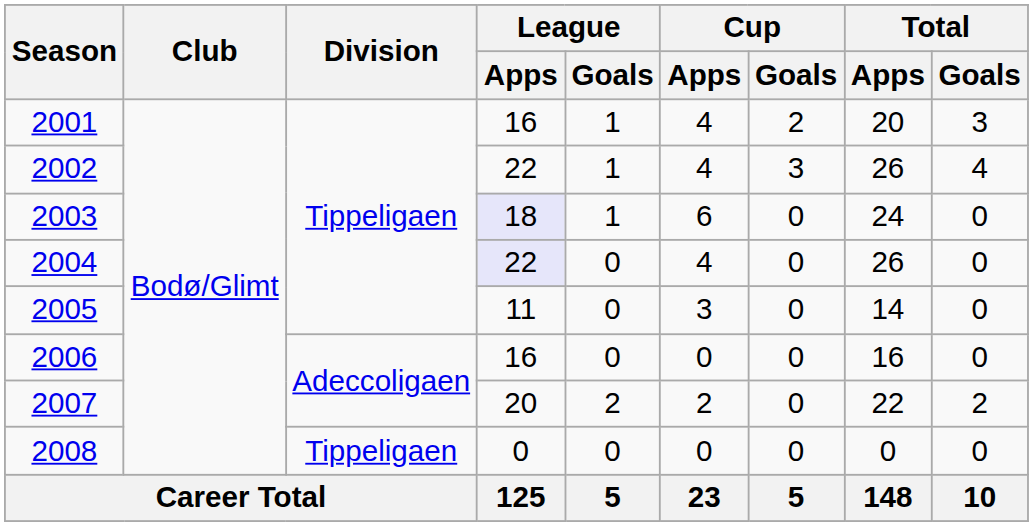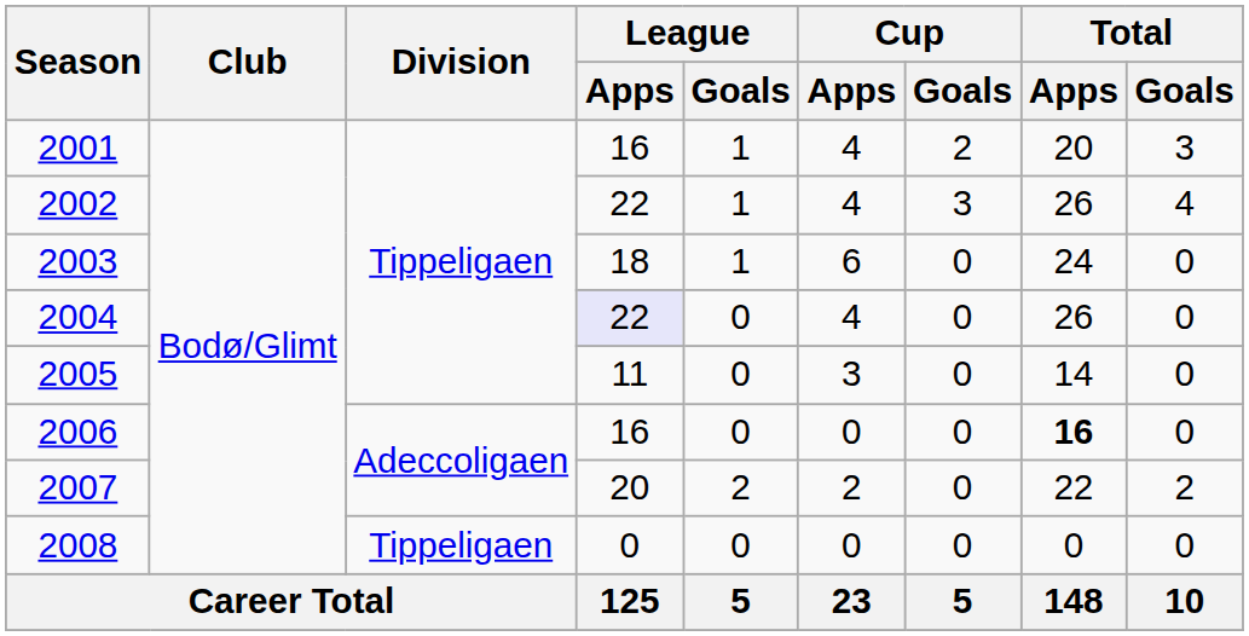 <table class="wikitable" style="text-align: center;">
 <tr>
 <th rowspan="2">Season</th>
 <th rowspan="2">Club</th>
 <th rowspan="2">Division</th>
 <th colspan="2">League</th>
 <th colspan="2">Cup</th>
 <th colspan="2">Total</th>
 </tr>
 <tr>
 <th>Apps</th>
 <th>Goals</th>
 <th>Apps</th>
 <th>Goals</th>
 <th>Apps</th>
 <th>Goals</th>
 </tr>
 <tr>
 <td><a href='#'>2001</a></td>
 <td rowspan="8" valign="center"><a href='#'>Bodø/Glimt</a></td>
 <td rowspan="5" valign="center"><a href='#'>Tippeligaen</a></td>
 <td>16</td>
 <td>1</td>
 <td>4</td>
 <td>2</td>
 <td>20</td>
 <td>3</td>
 </tr>
 <tr>
 <td><a href='#'>2002</a></td>
 <td>22</td>
 <td>1</td>
 <td>4</td>
 <td>3</td>
 <td>26</td>
 <td>4</td>
 </tr>
 <tr>
 <td><a href='#'>2003</a></td>
-<td style="background: lavender;">18</td>
+<td>18</td>
 <td>1</td>
 <td>6</td>
 <td>0</td>
 <td>24</td>
 <td>0</td>
 </tr>
 <tr>
 <td><a href='#'>2004</a></td>
 <td style="background: lavender;">22</td>
 <td>0</td>
 <td>4</td>
 <td>0</td>
 <td>26</td>
 <td>0</td>
 </tr>
 <tr>
 <td><a href='#'>2005</a></td>
 <td>11</td>
 <td>0</td>
 <td>3</td>
 <td>0</td>
 <td>14</td>
 <td>0</td>
 </tr>
 <tr>
 <td><a href='#'>2006</a></td>
 <td rowspan="2" valign="center"><a href='#'>Adeccoligaen</a></td>
 <td>16</td>
 <td>0</td>
 <td>0</td>
 <td>0</td>
-<td>16</td>
+<td><strong>16</strong></td>
 <td>0</td>
 </tr>
 <tr>
 <td><a href='#'>2007</a></td>
 <td>20</td>
 <td>2</td>
 <td>2</td>
 <td>0</td>
 <td>22</td>
 <td>2</td>
 </tr>
 <tr>
 <td><a href='#'>2008</a></td>
 <td rowspan="1" valign="center"><a href='#'>Tippeligaen</a></td>
 <td>0</td>
 <td>0</td>
 <td>0</td>
 <td>0</td>
 <td>0</td>
 <td>0</td>
 </tr>
 <tr>
 <th colspan="3">Career Total</th>
 <th>125</th>
 <th>5</th>
 <th>23</th>
 <th>5</th>
 <th>148</th>
 <th>10</th>
 </tr>
 </table>
